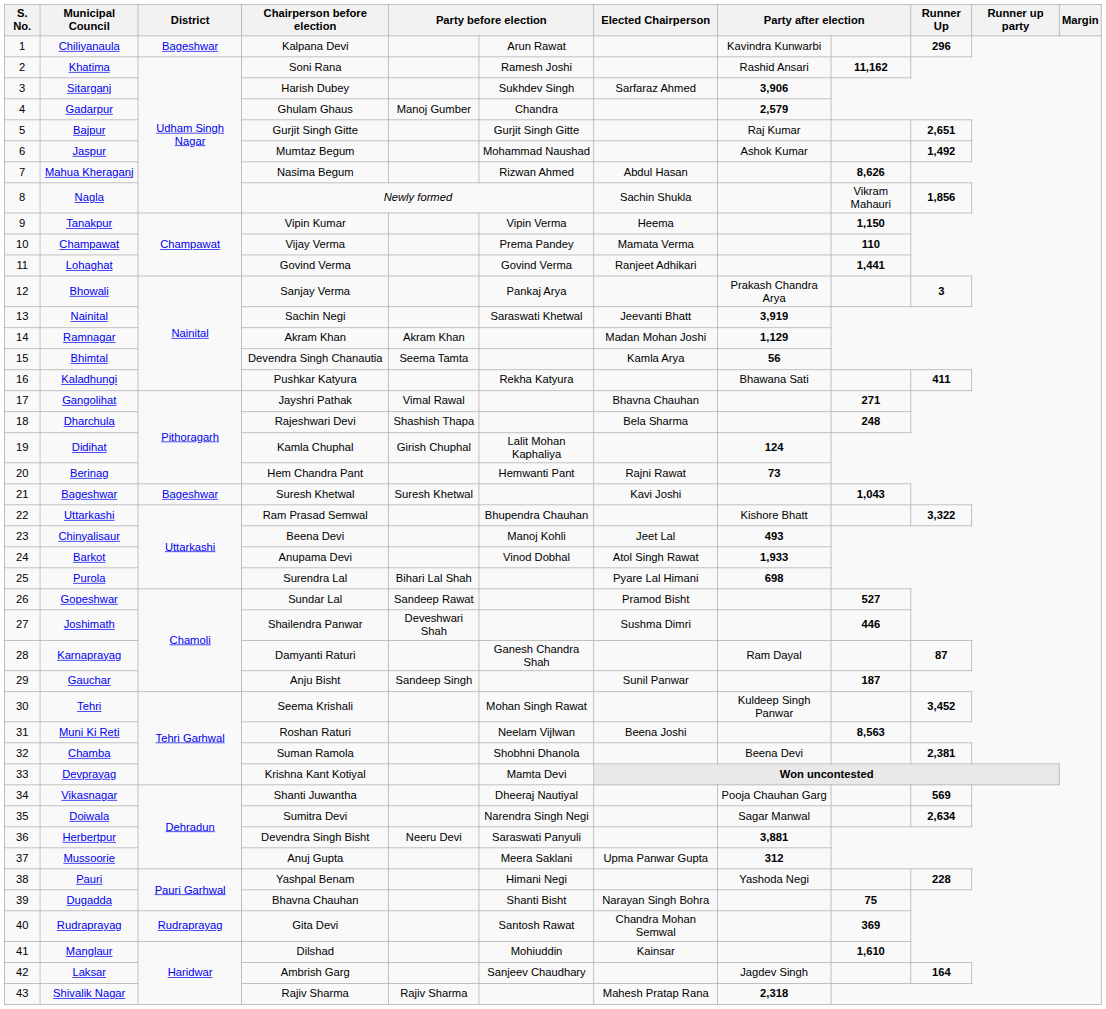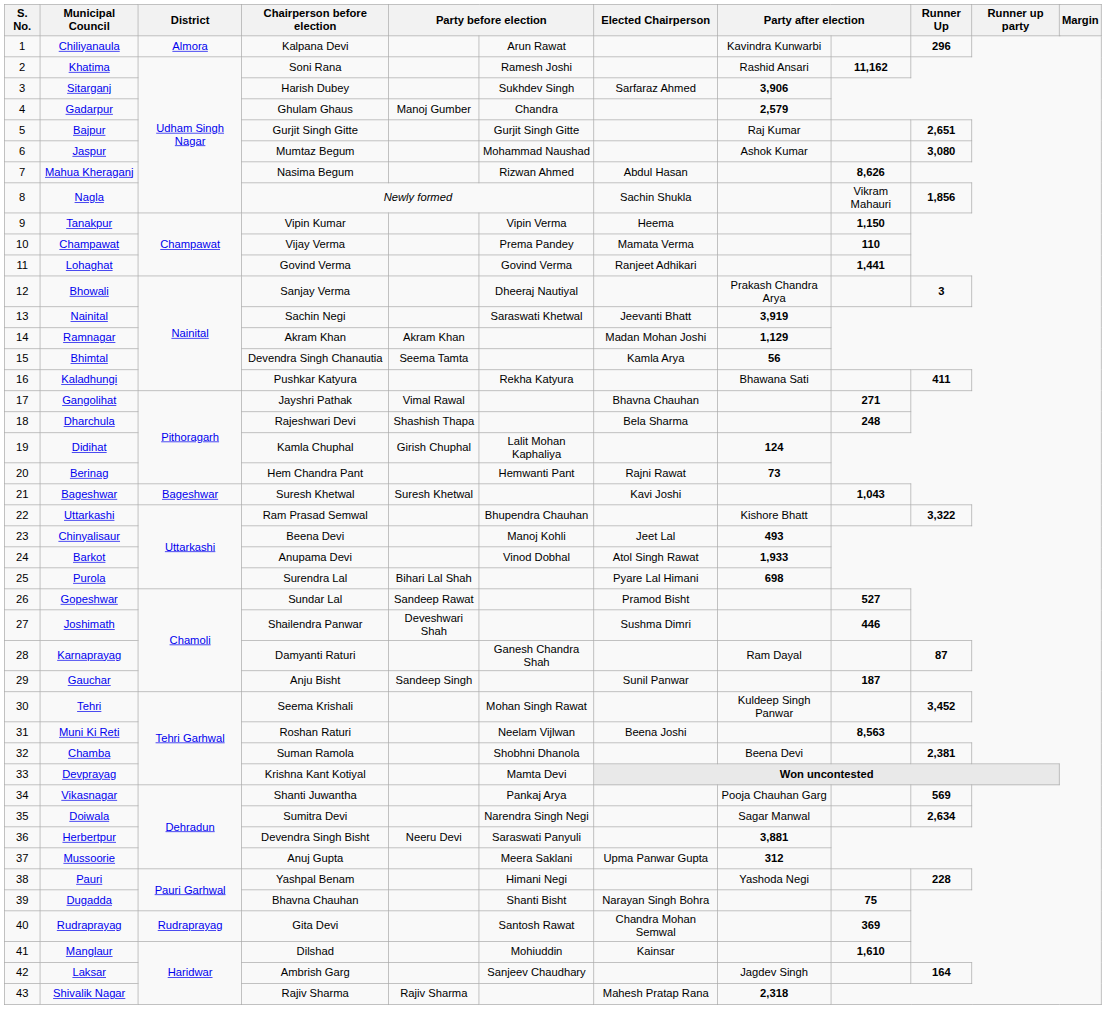 <table class="wikitable sortable">
 <tr style="text-align:center; height:45px;">
 <th scope="col">S. No.</th>
 <th>Municipal Council</th>
 <th>District</th>
 <th>Chairperson before election</th>
 <th colspan=2>Party before election</th>
 <th>Elected Chairperson</th>
 <th colspan=2>Party after election</th>
 <th>Runner Up</th>
 <th colspan=2>Runner up party</th>
 <th>Margin</th>
 </tr>
 <tr style="text-align:center; height:30px;">
 <td>1</td>
 <td><a href='#'>Chiliyanaula</a></td>
-<td><a href='#'>Bageshwar</a></td>
+<td rowspan="1"><a href='#'>Almora</a></td>
 <td>Kalpana Devi</td>
 <td></td>
 <td>Arun Rawat</td>
 <td></td>
 <td>Kavindra Kunwarbi</td>
 <td></td>
 <td style="background:"><strong>296</strong></td>
 </tr>
 <tr style="text-align:center; height:30px;">
 <td>2</td>
 <td><a href='#'>Khatima</a></td>
 <td rowspan="7"><a href='#'>Udham Singh Nagar</a></td>
 <td>Soni Rana</td>
 <td></td>
 <td>Ramesh Joshi</td>
 <td></td>
 <td>Rashid Ansari</td>
 <td style="background:"><strong>11,162</strong></td>
 </tr>
 <tr style="text-align:center; height:30px;">
 <td>3</td>
 <td><a href='#'>Sitarganj</a></td>
 <td>Harish Dubey</td>
 <td></td>
 <td>Sukhdev Singh</td>
 <td>Sarfaraz Ahmed</td>
 <td style="background:"><strong>3,906</strong></td>
 </tr>
 <tr style="text-align:center; height:30px;">
 <td>4</td>
 <td><a href='#'>Gadarpur</a></td>
 <td>Ghulam Ghaus</td>
 <td>Manoj Gumber</td>
 <td>Chandra</td>
 <td></td>
 <td style="background:"><strong>2,579</strong></td>
 </tr>
 <tr style="text-align:center; height:30px;">
 <td>5</td>
 <td><a href='#'>Bajpur</a></td>
 <td>Gurjit Singh Gitte</td>
 <td></td>
 <td>Gurjit Singh Gitte</td>
 <td></td>
 <td>Raj Kumar</td>
 <td></td>
 <td style="background:"><strong>2,651</strong></td>
 </tr>
 <tr style="text-align:center; height:30px;">
 <td>6</td>
 <td><a href='#'>Jaspur</a></td>
 <td>Mumtaz Begum</td>
 <td></td>
 <td>Mohammad Naushad</td>
 <td></td>
 <td>Ashok Kumar</td>
 <td></td>
-<td style="background:"><strong>1,492</strong></td>
+<td style="background:"><strong>3,080</strong></td>
 </tr>
 <tr style="text-align:center; height:30px;">
 <td>7</td>
 <td><a href='#'>Mahua Kheraganj</a></td>
 <td>Nasima Begum</td>
 <td></td>
 <td>Rizwan Ahmed</td>
 <td>Abdul Hasan</td>
 <td></td>
 <td style="background:"><strong>8,626</strong></td>
 </tr>
 <tr style="text-align:center; height:30px;">
 <td>8</td>
 <td><a href='#'>Nagla</a></td>
 <td colspan="3"><em>Newly formed</em></td>
 <td>Sachin Shukla</td>
 <td></td>
 <td>Vikram Mahauri</td>
 <td style="background:"><strong>1,856</strong></td>
 </tr>
 <tr style="text-align:center; height:30px;">
 <td>9</td>
 <td><a href='#'>Tanakpur</a></td>
 <td rowspan="3"><a href='#'>Champawat</a></td>
 <td>Vipin Kumar</td>
 <td></td>
 <td>Vipin Verma</td>
 <td>Heema</td>
 <td></td>
 <td style="background:"><strong>1,150</strong></td>
 </tr>
 <tr style="text-align:center; height:30px;">
 <td>10</td>
 <td><a href='#'>Champawat</a></td>
 <td>Vijay Verma</td>
 <td></td>
 <td>Prema Pandey</td>
 <td>Mamata Verma</td>
 <td></td>
 <td style="background:"><strong>110</strong></td>
 </tr>
 <tr style="text-align:center; height:30px;">
 <td>11</td>
 <td><a href='#'>Lohaghat</a></td>
 <td>Govind Verma</td>
 <td></td>
 <td>Govind Verma</td>
 <td>Ranjeet Adhikari</td>
 <td></td>
 <td style="background:"><strong>1,441</strong></td>
 </tr>
 <tr style="text-align:center; height:30px;">
 <td>12</td>
 <td><a href='#'>Bhowali</a></td>
 <td rowspan="5"><a href='#'>Nainital</a></td>
 <td>Sanjay Verma</td>
 <td></td>
-<td>Pankaj Arya</td>
+<td>Dheeraj Nautiyal</td>
 <td></td>
 <td>Prakash Chandra Arya</td>
 <td></td>
 <td style="background:"><strong>3</strong></td>
 </tr>
 <tr style="text-align:center; height:30px;">
 <td>13</td>
 <td><a href='#'>Nainital</a></td>
 <td>Sachin Negi</td>
 <td></td>
 <td>Saraswati Khetwal</td>
 <td>Jeevanti Bhatt</td>
 <td style="background:"><strong>3,919</strong></td>
 </tr>
 <tr style="text-align:center; height:30px;">
 <td>14</td>
 <td><a href='#'>Ramnagar</a></td>
 <td>Akram Khan</td>
 <td>Akram Khan</td>
 <td></td>
 <td>Madan Mohan Joshi</td>
 <td style="background:"><strong>1,129</strong></td>
 </tr>
 <tr style="text-align:center; height:30px;">
 <td>15</td>
 <td><a href='#'>Bhimtal</a></td>
 <td>Devendra Singh Chanautia</td>
 <td>Seema Tamta</td>
 <td></td>
 <td>Kamla Arya</td>
 <td style="background:"><strong>56</strong></td>
 </tr>
 <tr style="text-align:center; height:30px;">
 <td>16</td>
 <td><a href='#'>Kaladhungi</a></td>
 <td>Pushkar Katyura</td>
 <td></td>
 <td>Rekha Katyura</td>
 <td></td>
 <td>Bhawana Sati</td>
 <td></td>
 <td style="background:"><strong>411</strong></td>
 </tr>
 <tr style="text-align:center; height:30px;">
 <td>17</td>
 <td><a href='#'>Gangolihat</a></td>
 <td rowspan="4"><a href='#'>Pithoragarh</a></td>
 <td>Jayshri Pathak</td>
 <td>Vimal Rawal</td>
 <td></td>
 <td>Bhavna Chauhan</td>
 <td></td>
 <td style="background:"><strong>271</strong></td>
 </tr>
 <tr style="text-align:center; height:30px;">
 <td>18</td>
 <td><a href='#'>Dharchula</a></td>
 <td>Rajeshwari Devi</td>
 <td>Shashish Thapa</td>
 <td></td>
 <td>Bela Sharma</td>
 <td></td>
 <td style="background:"><strong>248</strong></td>
 </tr>
 <tr style="text-align:center; height:30px;">
 <td>19</td>
 <td><a href='#'>Didihat</a></td>
 <td>Kamla Chuphal</td>
 <td>Girish Chuphal</td>
 <td>Lalit Mohan Kaphaliya</td>
 <td></td>
 <td style="background:"><strong>124</strong></td>
 </tr>
 <tr style="text-align:center; height:30px;">
 <td>20</td>
 <td><a href='#'>Berinag</a></td>
 <td>Hem Chandra Pant</td>
 <td></td>
 <td>Hemwanti Pant</td>
 <td>Rajni Rawat</td>
 <td style="background:"><strong>73</strong></td>
 </tr>
 <tr style="text-align:center; height:30px;">
 <td>21</td>
 <td><a href='#'>Bageshwar</a></td>
 <td><a href='#'>Bageshwar</a></td>
 <td>Suresh Khetwal</td>
 <td>Suresh Khetwal</td>
 <td></td>
 <td>Kavi Joshi</td>
 <td></td>
 <td style="background:"><strong>1,043</strong></td>
 </tr>
 <tr style="text-align:center; height:30px;">
 <td>22</td>
 <td><a href='#'>Uttarkashi</a></td>
 <td rowspan="4"><a href='#'>Uttarkashi</a></td>
 <td>Ram Prasad Semwal</td>
 <td></td>
 <td>Bhupendra Chauhan</td>
 <td></td>
 <td>Kishore Bhatt</td>
 <td></td>
 <td style="background:"><strong>3,322</strong></td>
 </tr>
 <tr style="text-align:center; height:30px;">
 <td>23</td>
 <td><a href='#'>Chinyalisaur</a></td>
 <td>Beena Devi</td>
 <td></td>
 <td>Manoj Kohli</td>
 <td>Jeet Lal</td>
 <td style="background:"><strong>493</strong></td>
 </tr>
 <tr style="text-align:center; height:30px;">
 <td>24</td>
 <td><a href='#'>Barkot</a></td>
 <td>Anupama Devi</td>
 <td></td>
 <td>Vinod Dobhal</td>
 <td>Atol Singh Rawat</td>
 <td style="background:"><strong>1,933</strong></td>
 </tr>
 <tr style="text-align:center; height:30px;">
 <td>25</td>
 <td><a href='#'>Purola</a></td>
 <td>Surendra Lal</td>
 <td>Bihari Lal Shah</td>
 <td></td>
 <td>Pyare Lal Himani</td>
 <td style="background:"><strong>698</strong></td>
 </tr>
 <tr style="text-align:center; height:30px;">
 <td>26</td>
 <td><a href='#'>Gopeshwar</a></td>
 <td rowspan="4"><a href='#'>Chamoli</a></td>
 <td>Sundar Lal</td>
 <td>Sandeep Rawat</td>
 <td></td>
 <td>Pramod Bisht</td>
 <td></td>
 <td style="background:"><strong>527</strong></td>
 </tr>
 <tr style="text-align:center; height:30px;">
 <td>27</td>
 <td><a href='#'>Joshimath</a></td>
 <td>Shailendra Panwar</td>
 <td>Deveshwari Shah</td>
 <td></td>
 <td>Sushma Dimri</td>
 <td></td>
 <td style="background:"><strong>446</strong></td>
 </tr>
 <tr style="text-align:center; height:30px;">
 <td>28</td>
 <td><a href='#'>Karnaprayag</a></td>
 <td>Damyanti Raturi</td>
 <td></td>
 <td>Ganesh Chandra Shah</td>
 <td></td>
 <td>Ram Dayal</td>
 <td></td>
 <td style="background:"><strong>87</strong></td>
 </tr>
 <tr style="text-align:center; height:30px;">
 <td>29</td>
 <td><a href='#'>Gauchar</a></td>
 <td>Anju Bisht</td>
 <td>Sandeep Singh</td>
 <td></td>
 <td>Sunil Panwar</td>
 <td></td>
 <td style="background:"><strong>187</strong></td>
 </tr>
 <tr style="text-align:center; height:30px;">
 <td>30</td>
 <td><a href='#'>Tehri</a></td>
 <td rowspan="4"><a href='#'>Tehri Garhwal</a></td>
 <td>Seema Krishali</td>
 <td></td>
 <td>Mohan Singh Rawat</td>
 <td></td>
 <td>Kuldeep Singh Panwar</td>
 <td></td>
 <td style="background:"><strong>3,452</strong></td>
 </tr>
 <tr style="text-align:center; height:30px;">
 <td>31</td>
 <td><a href='#'>Muni Ki Reti</a></td>
 <td>Roshan Raturi</td>
 <td></td>
 <td>Neelam Vijlwan</td>
 <td>Beena Joshi</td>
 <td></td>
 <td style="background:"><strong>8,563</strong></td>
 </tr>
 <tr style="text-align:center; height:30px;">
 <td>32</td>
 <td><a href='#'>Chamba</a></td>
 <td>Suman Ramola</td>
 <td></td>
 <td>Shobhni Dhanola</td>
 <td></td>
 <td>Beena Devi</td>
 <td></td>
 <td style="background:"><strong>2,381</strong></td>
 </tr>
 <tr style="text-align:center; height:30px;">
 <td>33</td>
 <td><a href='#'>Devprayag</a></td>
 <td>Krishna Kant Kotiyal</td>
 <td></td>
 <td>Mamta Devi</td>
 <td colspan="5" bgcolor=#E9E9E9><strong>Won uncontested</strong></td>
 </tr>
 <tr style="text-align:center; height:30px;">
 <td>34</td>
 <td><a href='#'>Vikasnagar</a></td>
 <td rowspan="4"><a href='#'>Dehradun</a></td>
 <td>Shanti Juwantha</td>
 <td></td>
-<td>Dheeraj Nautiyal</td>
+<td>Pankaj Arya</td>
 <td></td>
 <td>Pooja Chauhan Garg</td>
 <td></td>
 <td style="background:"><strong>569</strong></td>
 </tr>
 <tr style="text-align:center; height:30px;">
 <td>35</td>
 <td><a href='#'>Doiwala</a></td>
 <td>Sumitra Devi</td>
 <td></td>
 <td>Narendra Singh Negi</td>
 <td></td>
 <td>Sagar Manwal</td>
 <td></td>
 <td style="background:"><strong>2,634</strong></td>
 </tr>
 <tr style="text-align:center; height:30px;">
 <td>36</td>
 <td><a href='#'>Herbertpur</a></td>
 <td>Devendra Singh Bisht</td>
 <td>Neeru Devi</td>
 <td>Saraswati Panyuli</td>
 <td></td>
 <td style="background:"><strong>3,881</strong></td>
 </tr>
 <tr style="text-align:center; height:30px;">
 <td>37</td>
 <td><a href='#'>Mussoorie</a></td>
 <td>Anuj Gupta</td>
 <td></td>
 <td>Meera Saklani</td>
 <td>Upma Panwar Gupta</td>
 <td style="background:"><strong>312</strong></td>
 </tr>
 <tr style="text-align:center; height:30px;">
 <td>38</td>
 <td><a href='#'>Pauri</a></td>
 <td rowspan="2"><a href='#'>Pauri Garhwal</a></td>
 <td>Yashpal Benam</td>
 <td></td>
 <td>Himani Negi</td>
 <td></td>
 <td>Yashoda Negi</td>
 <td></td>
 <td style="background:"><strong>228</strong></td>
 </tr>
 <tr style="text-align:center; height:30px;">
 <td>39</td>
 <td><a href='#'>Dugadda</a></td>
 <td>Bhavna Chauhan</td>
 <td></td>
 <td>Shanti Bisht</td>
 <td>Narayan Singh Bohra</td>
 <td></td>
 <td style="background:"><strong>75</strong></td>
 </tr>
 <tr style="text-align:center; height:30px;">
 <td>40</td>
 <td><a href='#'>Rudraprayag</a></td>
 <td><a href='#'>Rudraprayag</a></td>
 <td>Gita Devi</td>
 <td></td>
 <td>Santosh Rawat</td>
 <td>Chandra Mohan Semwal</td>
 <td></td>
 <td style="background:"><strong>369</strong></td>
 </tr>
 <tr style="text-align:center; height:30px;">
 <td>41</td>
 <td><a href='#'>Manglaur</a></td>
 <td rowspan="3"><a href='#'>Haridwar</a></td>
 <td>Dilshad</td>
 <td></td>
 <td>Mohiuddin</td>
 <td>Kainsar</td>
 <td></td>
 <td style="background:"><strong>1,610</strong></td>
 </tr>
 <tr style="text-align:center; height:30px;">
 <td>42</td>
 <td><a href='#'>Laksar</a></td>
 <td>Ambrish Garg</td>
 <td></td>
 <td>Sanjeev Chaudhary</td>
 <td></td>
 <td>Jagdev Singh</td>
 <td></td>
 <td style="background:"><strong>164</strong></td>
 </tr>
 <tr style="text-align:center; height:30px;">
 <td>43</td>
 <td><a href='#'>Shivalik Nagar</a></td>
 <td>Rajiv Sharma</td>
 <td>Rajiv Sharma</td>
 <td></td>
 <td>Mahesh Pratap Rana</td>
 <td style="background:"><strong>2,318</strong></td>
 </tr>
 </table>
